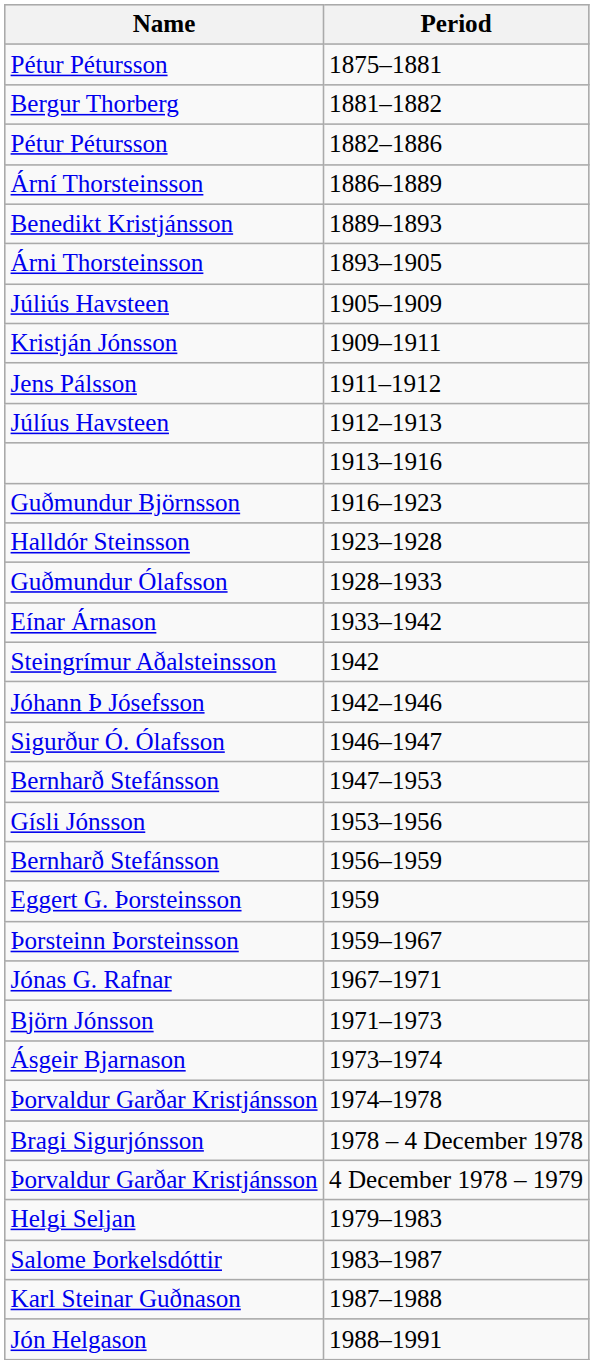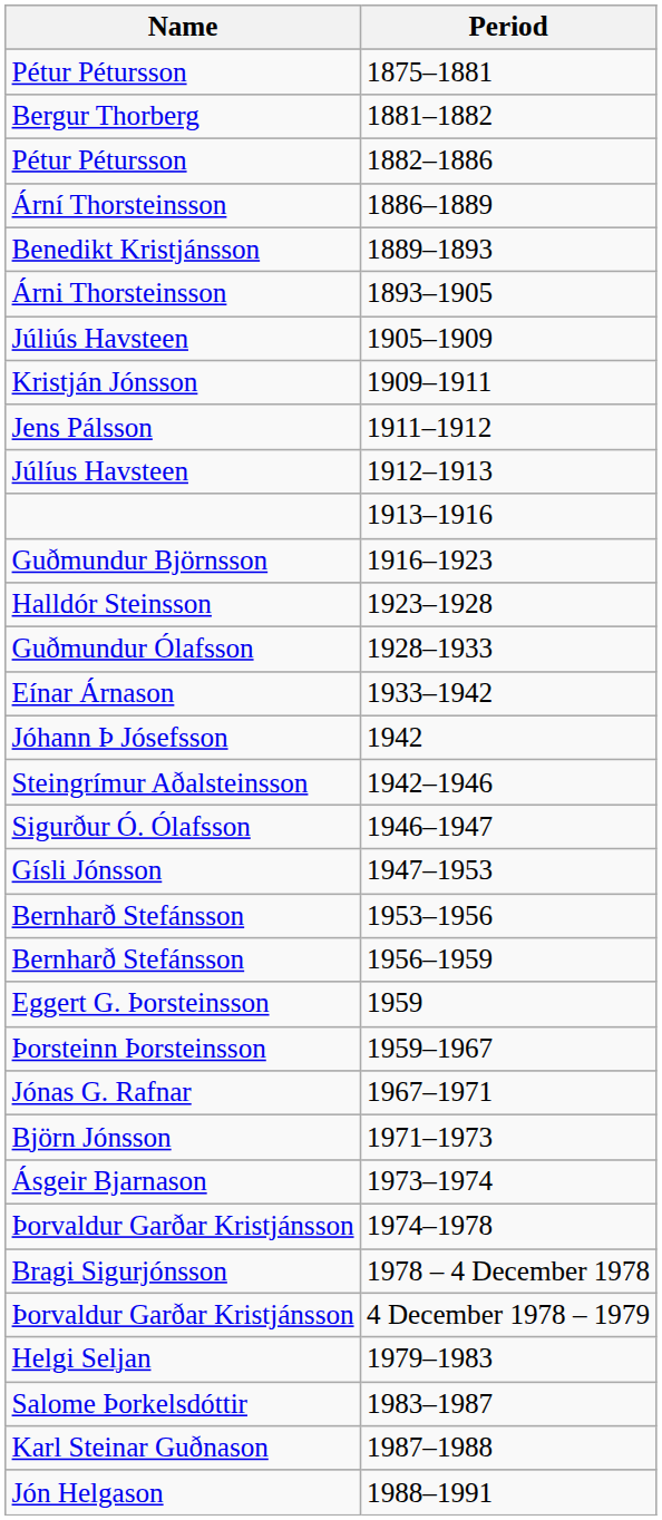 <table class="wikitable">
 <tr>
 <th>Name</th>
 <th>Period</th>
 </tr>
 <tr>
 <td><a href='#'>Pétur Pétursson</a></td>
 <td>1875–1881</td>
 </tr>
 <tr>
 <td><a href='#'>Bergur Thorberg</a></td>
 <td>1881–1882</td>
 </tr>
 <tr>
 <td><a href='#'>Pétur Pétursson</a></td>
 <td>1882–1886</td>
 </tr>
 <tr>
 <td><a href='#'>Ární Thorsteinsson</a></td>
 <td>1886–1889</td>
 </tr>
 <tr>
 <td><a href='#'>Benedikt Kristjánsson</a></td>
 <td>1889–1893</td>
 </tr>
 <tr>
 <td><a href='#'>Árni Thorsteinsson</a></td>
 <td>1893–1905</td>
 </tr>
 <tr>
 <td><a href='#'>Júliús Havsteen</a></td>
 <td>1905–1909</td>
 </tr>
 <tr>
 <td><a href='#'>Kristján Jónsson</a></td>
 <td>1909–1911</td>
 </tr>
 <tr>
 <td><a href='#'>Jens Pálsson</a></td>
 <td>1911–1912</td>
 </tr>
 <tr>
 <td><a href='#'>Júlíus Havsteen</a>  </td>
 <td>1912–1913</td>
 </tr>
 <tr>
 <td></td>
 <td>1913–1916</td>
 </tr>
 <tr>
 <td><a href='#'>Guðmundur Björnsson</a></td>
 <td>1916–1923</td>
 </tr>
 <tr>
 <td><a href='#'>Halldór Steinsson</a></td>
 <td>1923–1928</td>
 </tr>
 <tr>
 <td><a href='#'>Guðmundur Ólafsson</a></td>
 <td>1928–1933</td>
 </tr>
 <tr>
 <td><a href='#'>Eínar Árnason</a></td>
 <td>1933–1942</td>
 </tr>
 <tr>
-<td><a href='#'>Steingrímur Aðalsteinsson</a></td>
+<td><a href='#'>Jóhann Þ Jósefsson</a></td>
 <td>1942</td>
 </tr>
 <tr>
-<td><a href='#'>Jóhann Þ Jósefsson</a></td>
+<td><a href='#'>Steingrímur Aðalsteinsson</a></td>
 <td>1942–1946</td>
 </tr>
 <tr>
 <td><a href='#'>Sigurður Ó. Ólafsson</a></td>
 <td>1946–1947</td>
 </tr>
 <tr>
-<td><a href='#'>Bernharð Stefánsson</a></td>
+<td><a href='#'>Gísli Jónsson</a></td>
 <td>1947–1953</td>
 </tr>
 <tr>
-<td><a href='#'>Gísli Jónsson</a></td>
+<td><a href='#'>Bernharð Stefánsson</a></td>
 <td>1953–1956</td>
 </tr>
 <tr>
 <td><a href='#'>Bernharð Stefánsson</a></td>
 <td>1956–1959</td>
 </tr>
 <tr>
 <td><a href='#'>Eggert G. Þorsteinsson</a></td>
 <td>1959</td>
 </tr>
 <tr>
 <td><a href='#'>Þorsteinn Þorsteinsson</a></td>
 <td>1959–1967</td>
 </tr>
 <tr>
 <td><a href='#'>Jónas G. Rafnar</a></td>
 <td>1967–1971</td>
 </tr>
 <tr>
 <td><a href='#'>Björn Jónsson</a></td>
 <td>1971–1973</td>
 </tr>
 <tr>
 <td><a href='#'>Ásgeir Bjarnason</a></td>
 <td>1973–1974</td>
 </tr>
 <tr>
 <td><a href='#'>Þorvaldur Garðar Kristjánsson</a></td>
 <td>1974–1978</td>
 </tr>
 <tr>
 <td><a href='#'>Bragi Sigurjónsson</a></td>
 <td>1978 – 4 December 1978</td>
 </tr>
 <tr>
 <td><a href='#'>Þorvaldur Garðar Kristjánsson</a></td>
 <td>4 December 1978 – 1979</td>
 </tr>
 <tr>
 <td><a href='#'>Helgi Seljan</a></td>
 <td>1979–1983</td>
 </tr>
 <tr>
 <td><a href='#'>Salome Þorkelsdóttir</a></td>
 <td>1983–1987</td>
 </tr>
 <tr>
 <td><a href='#'>Karl Steinar Guðnason</a></td>
 <td>1987–1988</td>
 </tr>
 <tr>
 <td><a href='#'>Jón Helgason</a></td>
 <td>1988–1991</td>
 </tr>
 </table>
